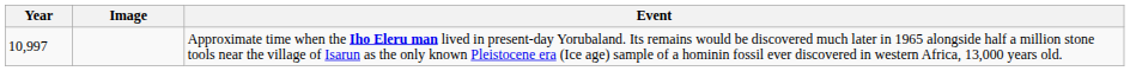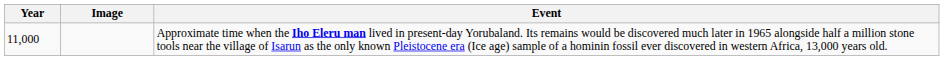 <table class="wikitable" width="100%">
 <tr>
 <th style="width:6%">Year</th>
 <th style="width:10%">Image</th>
 <th>Event</th>
 </tr>
 <tr>
-<td>10,997 </td>
+<td>11,000 </td>
 <td></td>
 <td>Approximate time when the <strong><a href='#'>Iho Eleru man</a></strong> lived in present-day Yorubaland. Its remains would be discovered much later in 1965 alongside half a million stone tools near the village of <a href='#'>Isarun</a> as the only known <a href='#'>Pleistocene era</a> (Ice age) sample of a hominin fossil ever discovered in western Africa, 13,000 years old.</td>
 </tr>
 </table>
